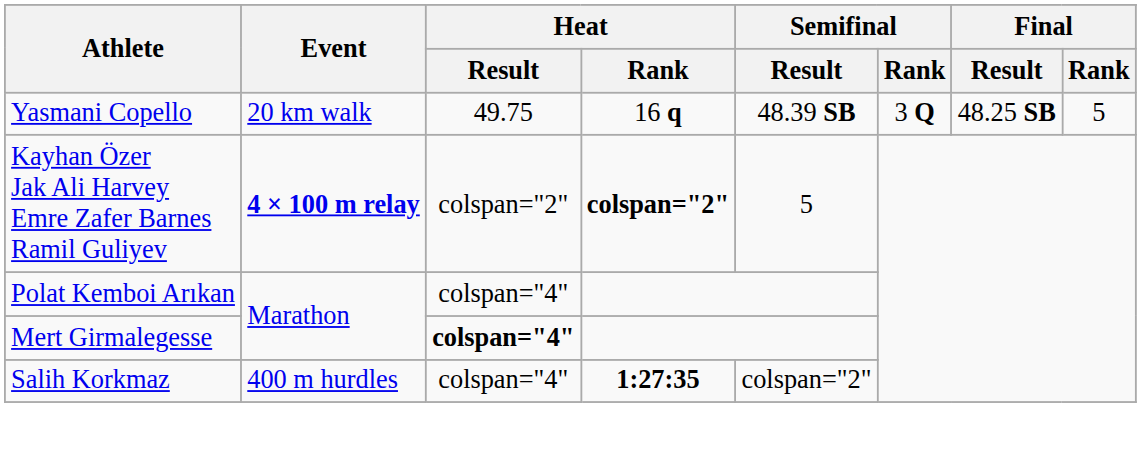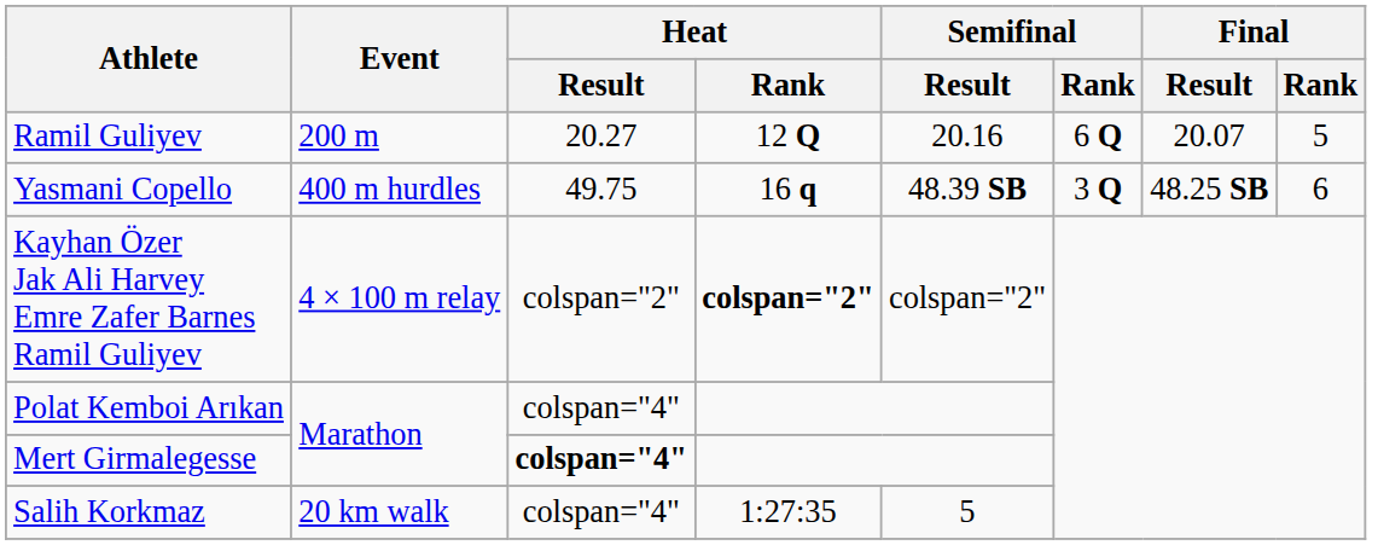 <table class="wikitable" style="font-size:90%">
 <tr>
 <th rowspan="2">Athlete</th>
 <th rowspan="2">Event</th>
 <th colspan="2">Heat</th>
 <th colspan="2">Semifinal</th>
 <th colspan="2">Final</th>
 </tr>
 <tr>
 <th>Result</th>
 <th>Rank</th>
 <th>Result</th>
 <th>Rank</th>
 <th>Result</th>
 <th>Rank</th>
 </tr>
 <tr style=text-align:center>
+<td style=text-align:left><a href='#'>Ramil Guliyev</a></td>
+<td style=text-align:left><a href='#'>200 m</a></td>
+<td>20.27</td>
+<td>12 <strong>Q</strong></td>
+<td>20.16</td>
+<td>6 <strong>Q</strong></td>
+<td>20.07</td>
+<td>5</td>
+</tr>
+<tr style=text-align:center>
 <td style=text-align:left><a href='#'>Yasmani Copello</a></td>
-<td style=text-align:left><a href='#'>20 km walk</a></td>
+<td style=text-align:left><a href='#'>400 m hurdles</a></td>
 <td>49.75</td>
 <td>16 <strong>q</strong></td>
 <td>48.39 <strong>SB</strong></td>
 <td>3 <strong>Q</strong></td>
 <td>48.25 <strong>SB</strong></td>
-<td>5</td>
+<td>6</td>
 </tr>
 <tr style=text-align:center>
 <td style=text-align:left><a href='#'>Kayhan Özer</a><br><a href='#'>Jak Ali Harvey</a><br><a href='#'>Emre Zafer Barnes</a><br><a href='#'>Ramil Guliyev</a></td>
-<td style=text-align:left><strong><a href='#'>4 × 100 m relay</a></strong></td>
+<td style=text-align:left><a href='#'>4 × 100 m relay</a></td>
 <td>colspan="2" </td>
 <td><strong>colspan="2" </strong></td>
-<td>5</td>
+<td>colspan="2" </td>
 </tr>
 <tr style=text-align:center>
 <td style=text-align:left><a href='#'>Polat Kemboi Arıkan</a></td>
 <td style=text-align:left rowspan="2"><a href='#'>Marathon</a></td>
 <td>colspan="4" </td>
 <td colspan="2"></td>
 </tr>
 <tr style=text-align:center>
 <td style=text-align:left><a href='#'>Mert Girmalegesse</a></td>
 <td><strong>colspan="4" </strong></td>
 <td colspan="2"></td>
 </tr>
 <tr style=text-align:center>
 <td style=text-align:left><a href='#'>Salih Korkmaz</a></td>
-<td style=text-align:left><a href='#'>400 m hurdles</a></td>
+<td style=text-align:left><a href='#'>20 km walk</a></td>
 <td>colspan="4" </td>
-<td><strong>1:27:35</strong></td>
-<td>colspan="2" </td>
+<td>1:27:35</td>
+<td>5</td>
 </tr>
 </table>
